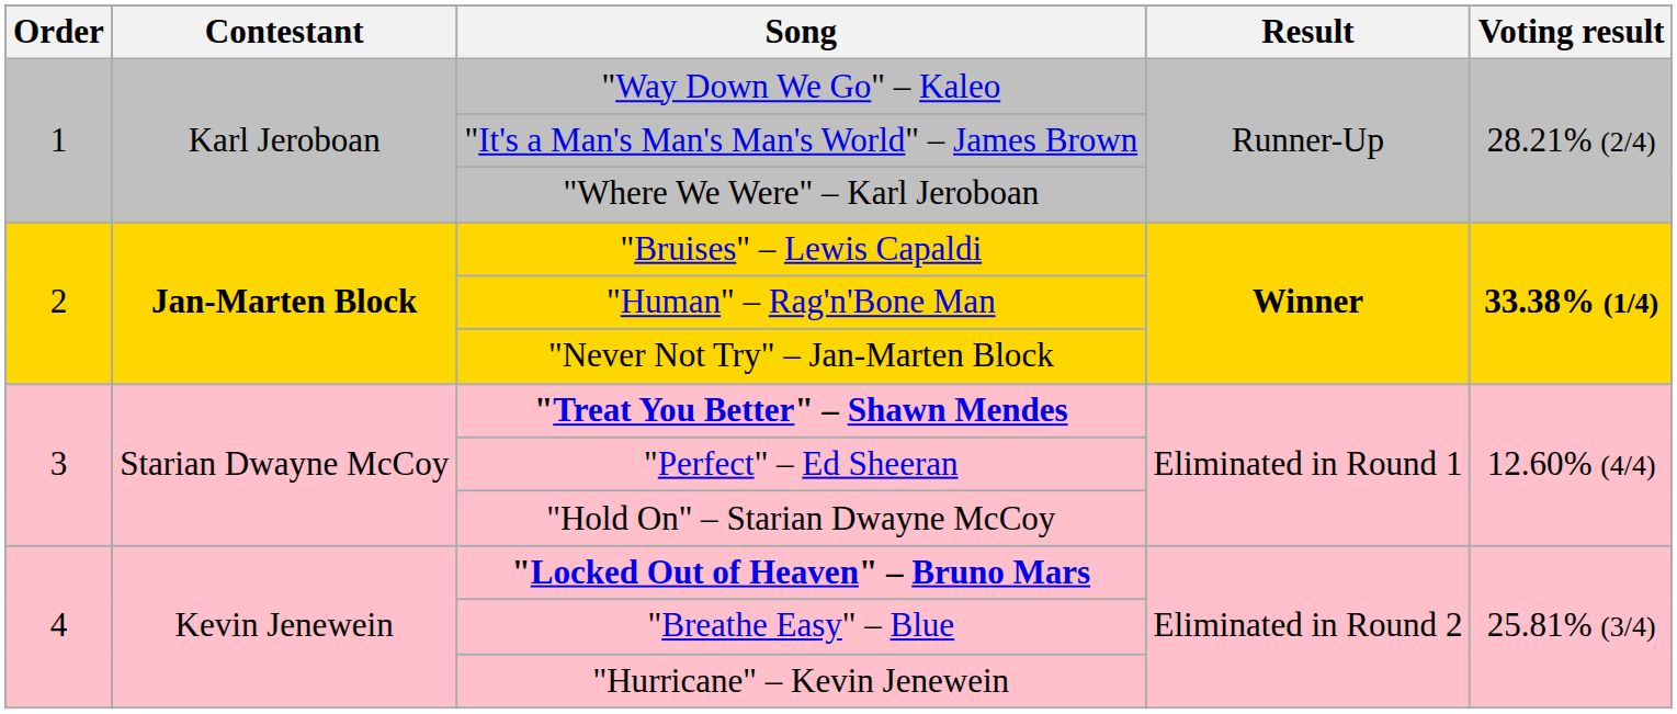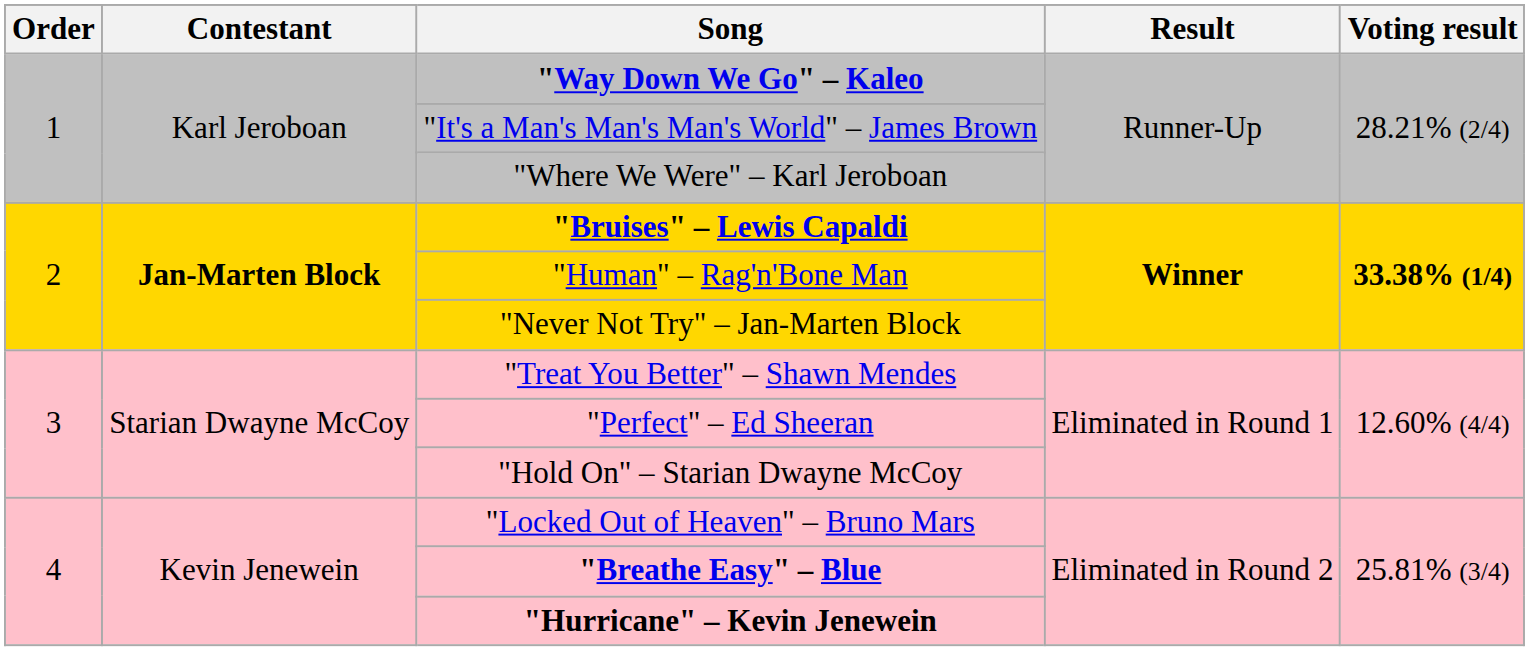 <table class="wikitable" style="text-align:center;">
 <tr>
 <th>Order</th>
 <th>Contestant</th>
 <th>Song</th>
 <th>Result</th>
 <th>Voting result</th>
 </tr>
 <tr bgcolor="silver">
 <td rowspan=3>1</td>
 <td rowspan=3>Karl Jeroboan</td>
-<td>"<a href='#'>Way Down We Go</a>" – <a href='#'>Kaleo</a></td>
+<td><strong>"<a href='#'>Way Down We Go</a>" – <a href='#'>Kaleo</a></strong></td>
 <td rowspan=3>Runner-Up</td>
 <td rowspan=3>28.21% <small>(2/4)</small></td>
 </tr>
 <tr bgcolor="silver">
 <td>"<a href='#'>It's a Man's Man's Man's World</a>" – <a href='#'>James Brown</a></td>
 </tr>
 <tr bgcolor="silver">
 <td>"Where We Were" – Karl Jeroboan</td>
 </tr>
 <tr bgcolor="gold">
 <td rowspan=3>2</td>
 <td rowspan=3><strong>Jan-Marten Block</strong></td>
-<td>"<a href='#'>Bruises</a>" – <a href='#'>Lewis Capaldi</a></td>
+<td><strong>"<a href='#'>Bruises</a>" – <a href='#'>Lewis Capaldi</a></strong></td>
 <td rowspan=3><strong>Winner</strong></td>
 <td rowspan=3><strong>33.38% <small>(1/4)</small></strong></td>
 </tr>
 <tr bgcolor="gold">
 <td>"<a href='#'>Human</a>" – <a href='#'>Rag'n'Bone Man</a></td>
 </tr>
 <tr bgcolor="gold">
 <td>"Never Not Try" – Jan-Marten Block</td>
 </tr>
 <tr bgcolor="pink">
 <td rowspan=3>3</td>
 <td rowspan=3>Starian Dwayne McCoy</td>
-<td><strong>"<a href='#'>Treat You Better</a>" – <a href='#'>Shawn Mendes</a></strong></td>
+<td>"<a href='#'>Treat You Better</a>" – <a href='#'>Shawn Mendes</a></td>
 <td rowspan=3>Eliminated in Round 1</td>
 <td rowspan=3>12.60% <small>(4/4)</small></td>
 </tr>
 <tr bgcolor="pink">
 <td>"<a href='#'>Perfect</a>" – <a href='#'>Ed Sheeran</a></td>
 </tr>
 <tr bgcolor="pink">
 <td>"Hold On" – Starian Dwayne McCoy</td>
 </tr>
 <tr bgcolor="pink">
 <td rowspan=3>4</td>
 <td rowspan=3>Kevin Jenewein</td>
-<td><strong>"<a href='#'>Locked Out of Heaven</a>" – <a href='#'>Bruno Mars</a></strong></td>
+<td>"<a href='#'>Locked Out of Heaven</a>" – <a href='#'>Bruno Mars</a></td>
 <td rowspan=3>Eliminated in Round 2</td>
 <td rowspan=3>25.81% <small>(3/4)</small></td>
 </tr>
 <tr bgcolor="pink">
-<td>"<a href='#'>Breathe Easy</a>" – <a href='#'>Blue</a></td>
+<td><strong>"<a href='#'>Breathe Easy</a>" – <a href='#'>Blue</a></strong></td>
 </tr>
 <tr bgcolor="pink">
-<td>"Hurricane" – Kevin Jenewein</td>
+<td><strong>"Hurricane" – Kevin Jenewein</strong></td>
 </tr>
 </table>
